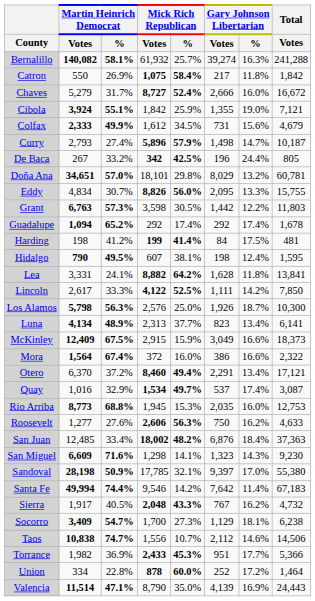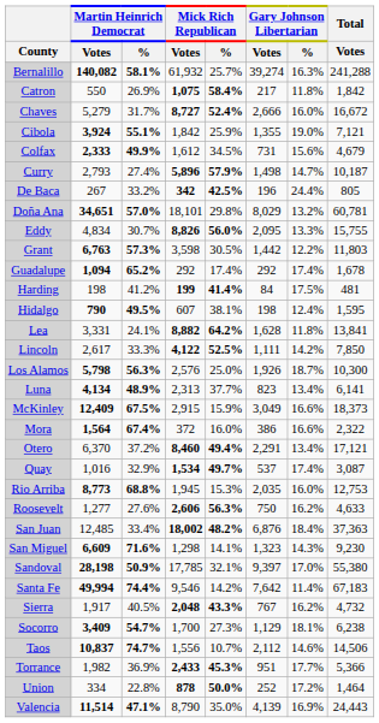 <table class="wikitable sortable" style="text-align:center">
 <tr>
 <th></th>
 <th colspan="2" style="border-top:solid #00f 3px; border-bottom:solid #00f 3px;"><a href='#'>Martin Heinrich</a><br><a href='#'>Democrat</a></th>
 <th colspan="2" style="border-top:solid #f00 3px; border-bottom:solid #f00 3px;"><a href='#'>Mick Rich</a><br><a href='#'>Republican</a></th>
 <th colspan="2" style="border-top:solid #bb0 3px; border-bottom:solid #bb0 3px;"><a href='#'>Gary Johnson</a><br><a href='#'>Libertarian</a></th>
 <th colspan="1" style="text-align:center;">Total</th>
 </tr>
 <tr>
 <th style="text-align:center;">County</th>
 <th style="text-align:center;" data-sort-type="number">Votes</th>
 <th style="text-align:center;" data-sort-type="number">%</th>
 <th style="text-align:center;" data-sort-type="number">Votes</th>
 <th style="text-align:center;" data-sort-type="number">%</th>
 <th style="text-align:center;" data-sort-type="number">Votes</th>
 <th style="text-align:center;" data-sort-type="number">%</th>
 <th style="text-align:center;" data-sort-type="number">Votes</th>
 </tr>
 <tr>
 <td style="background:#d3d3d3;"><a href='#'>Bernalillo</a></td>
 <td><strong>140,082</strong></td>
 <td><strong>58.1%</strong></td>
 <td>61,932</td>
 <td>25.7%</td>
 <td>39,274</td>
 <td>16.3%</td>
 <td>241,288</td>
 </tr>
 <tr>
 <td style="background:#d3d3d3;"'><a href='#'>Catron</a></td>
 <td>550</td>
 <td>26.9%</td>
 <td><strong>1,075</strong></td>
 <td><strong>58.4%</strong></td>
 <td>217</td>
 <td>11.8%</td>
 <td>1,842</td>
 </tr>
 <tr>
 <td style="background:#d3d3d3;'"><a href='#'>Chaves</a></td>
 <td>5,279</td>
 <td>31.7%</td>
 <td><strong>8,727</strong></td>
 <td><strong>52.4%</strong></td>
 <td>2,666</td>
 <td>16.0%</td>
 <td>16,672</td>
 </tr>
 <tr>
 <td style='background:#d3d3d3;'><a href='#'>Cibola</a></td>
 <td><strong>3,924</strong></td>
 <td><strong>55.1%</strong></td>
 <td>1,842</td>
 <td>25.9%</td>
 <td>1,355</td>
 <td>19.0%</td>
 <td>7,121</td>
 </tr>
 <tr>
 <td style='background:#d3d3d3;'><a href='#'>Colfax</a></td>
 <td><strong>2,333</strong></td>
 <td><strong>49.9%</strong></td>
 <td>1,612</td>
 <td>34.5%</td>
 <td>731</td>
 <td>15.6%</td>
 <td>4,679</td>
 </tr>
 <tr>
 <td style='background:#d3d3d3;'><a href='#'>Curry</a></td>
 <td>2,793</td>
 <td>27.4%</td>
 <td><strong>5,896</strong></td>
 <td><strong>57.9%</strong></td>
 <td>1,498</td>
 <td>14.7%</td>
 <td>10,187</td>
 </tr>
 <tr>
 <td style='background:#d3d3d3;'><a href='#'>De Baca</a></td>
 <td>267</td>
 <td>33.2%</td>
 <td><strong>342</strong></td>
 <td><strong>42.5%</strong></td>
 <td>196</td>
 <td>24.4%</td>
 <td>805</td>
 </tr>
 <tr>
 <td style='background:#d3d3d3;'><a href='#'>Doña Ana</a></td>
 <td><strong>34,651</strong></td>
 <td><strong>57.0%</strong></td>
 <td>18,101</td>
 <td>29.8%</td>
 <td>8,029</td>
 <td>13.2%</td>
 <td>60,781</td>
 </tr>
 <tr>
 <td style='background:#d3d3d3;'><a href='#'>Eddy</a></td>
 <td>4,834</td>
 <td>30.7%</td>
 <td><strong>8,826</strong></td>
 <td><strong>56.0%</strong></td>
 <td>2,095</td>
 <td>13.3%</td>
 <td>15,755</td>
 </tr>
 <tr>
 <td style='background:#d3d3d3;'><a href='#'>Grant</a></td>
 <td><strong>6,763</strong></td>
 <td><strong>57.3%</strong></td>
 <td>3,598</td>
 <td>30.5%</td>
 <td>1,442</td>
 <td>12.2%</td>
 <td>11,803</td>
 </tr>
 <tr>
 <td style='background:#d3d3d3;'><a href='#'>Guadalupe</a></td>
 <td><strong>1,094</strong></td>
 <td><strong>65.2%</strong></td>
 <td>292</td>
 <td>17.4%</td>
 <td>292</td>
 <td>17.4%</td>
 <td>1,678</td>
 </tr>
 <tr>
 <td style='background:#d3d3d3;'><a href='#'>Harding</a></td>
 <td>198</td>
 <td>41.2%</td>
 <td><strong>199</strong></td>
 <td><strong>41.4%</strong></td>
 <td>84</td>
 <td>17.5%</td>
 <td>481</td>
 </tr>
 <tr>
 <td style='background:#d3d3d3;'><a href='#'>Hidalgo</a></td>
 <td><strong>790</strong></td>
 <td><strong>49.5%</strong></td>
 <td>607</td>
 <td>38.1%</td>
 <td>198</td>
 <td>12.4%</td>
 <td>1,595</td>
 </tr>
 <tr>
 <td style='background:#d3d3d3;'><a href='#'>Lea</a></td>
 <td>3,331</td>
 <td>24.1%</td>
 <td><strong>8,882</strong></td>
 <td><strong>64.2%</strong></td>
 <td>1,628</td>
 <td>11.8%</td>
 <td>13,841</td>
 </tr>
 <tr>
 <td style='background:#d3d3d3;'><a href='#'>Lincoln</a></td>
 <td>2,617</td>
 <td>33.3%</td>
 <td><strong>4,122</strong></td>
 <td><strong>52.5%</strong></td>
 <td>1,111</td>
 <td>14.2%</td>
 <td>7,850</td>
 </tr>
 <tr>
 <td style='background:#d3d3d3;'><a href='#'>Los Alamos</a></td>
 <td><strong>5,798</strong></td>
 <td><strong>56.3%</strong></td>
 <td>2,576</td>
 <td>25.0%</td>
 <td>1,926</td>
 <td>18.7%</td>
 <td>10,300</td>
 </tr>
 <tr>
 <td style='background:#d3d3d3;'><a href='#'>Luna</a></td>
 <td><strong>4,134</strong></td>
 <td><strong>48.9%</strong></td>
 <td>2,313</td>
 <td>37.7%</td>
 <td>823</td>
 <td>13.4%</td>
 <td>6,141</td>
 </tr>
 <tr>
 <td style='background:#d3d3d3;'><a href='#'>McKinley</a></td>
 <td><strong>12,409</strong></td>
 <td><strong>67.5%</strong></td>
 <td>2,915</td>
 <td>15.9%</td>
 <td>3,049</td>
 <td>16.6%</td>
 <td>18,373</td>
 </tr>
 <tr>
 <td style='background:#d3d3d3;'><a href='#'>Mora</a></td>
 <td><strong>1,564</strong></td>
 <td><strong>67.4%</strong></td>
 <td>372</td>
 <td>16.0%</td>
 <td>386</td>
 <td>16.6%</td>
 <td>2,322</td>
 </tr>
 <tr>
 <td style='background:#d3d3d3;'><a href='#'>Otero</a></td>
 <td>6,370</td>
 <td>37.2%</td>
 <td><strong>8,460</strong></td>
 <td><strong>49.4%</strong></td>
 <td>2,291</td>
 <td>13.4%</td>
 <td>17,121</td>
 </tr>
 <tr>
 <td style='background:#d3d3d3;'><a href='#'>Quay</a></td>
 <td>1,016</td>
 <td>32.9%</td>
 <td><strong>1,534</strong></td>
 <td><strong>49.7%</strong></td>
 <td>537</td>
 <td>17.4%</td>
 <td>3,087</td>
 </tr>
 <tr>
 <td style='background:#d3d3d3;'><a href='#'>Rio Arriba</a></td>
 <td><strong>8,773</strong></td>
 <td><strong>68.8%</strong></td>
 <td>1,945</td>
 <td>15.3%</td>
 <td>2,035</td>
 <td>16.0%</td>
 <td>12,753</td>
 </tr>
 <tr>
 <td style='background:#d3d3d3;'><a href='#'>Roosevelt</a></td>
 <td>1,277</td>
 <td>27.6%</td>
 <td><strong>2,606</strong></td>
 <td><strong>56.3%</strong></td>
 <td>750</td>
 <td>16.2%</td>
 <td>4,633</td>
 </tr>
 <tr>
 <td style='background:#d3d3d3;'><a href='#'>San Juan</a></td>
 <td>12,485</td>
 <td>33.4%</td>
 <td><strong>18,002</strong></td>
 <td><strong>48.2%</strong></td>
 <td>6,876</td>
 <td>18.4%</td>
 <td>37,363</td>
 </tr>
 <tr>
 <td style='background:#d3d3d3;'><a href='#'>San Miguel</a></td>
 <td><strong>6,609</strong></td>
 <td><strong>71.6%</strong></td>
 <td>1,298</td>
 <td>14.1%</td>
 <td>1,323</td>
 <td>14.3%</td>
 <td>9,230</td>
 </tr>
 <tr>
 <td style='background:#d3d3d3;'><a href='#'>Sandoval</a></td>
 <td><strong>28,198</strong></td>
 <td><strong>50.9%</strong></td>
 <td>17,785</td>
 <td>32.1%</td>
 <td>9,397</td>
 <td>17.0%</td>
 <td>55,380</td>
 </tr>
 <tr>
 <td style='background:#d3d3d3;'><a href='#'>Santa Fe</a></td>
 <td><strong>49,994</strong></td>
 <td><strong>74.4%</strong></td>
 <td>9,546</td>
 <td>14.2%</td>
 <td>7,642</td>
 <td>11.4%</td>
 <td>67,183</td>
 </tr>
 <tr>
 <td style='background:#d3d3d3;'><a href='#'>Sierra</a></td>
 <td>1,917</td>
 <td>40.5%</td>
 <td><strong>2,048</strong></td>
 <td><strong>43.3%</strong></td>
 <td>767</td>
 <td>16.2%</td>
 <td>4,732</td>
 </tr>
 <tr>
 <td style='background:#d3d3d3;'><a href='#'>Socorro</a></td>
 <td><strong>3,409</strong></td>
 <td><strong>54.7%</strong></td>
 <td>1,700</td>
 <td>27.3%</td>
 <td>1,129</td>
 <td>18.1%</td>
 <td>6,238</td>
 </tr>
 <tr>
 <td style='background:#d3d3d3;'><a href='#'>Taos</a></td>
-<td><strong>10,838</strong></td>
+<td><strong>10,837</strong></td>
 <td><strong>74.7%</strong></td>
 <td>1,556</td>
 <td>10.7%</td>
 <td>2,112</td>
 <td>14.6%</td>
 <td>14,506</td>
 </tr>
 <tr>
 <td style='background:#d3d3d3;'><a href='#'>Torrance</a></td>
 <td>1,982</td>
 <td>36.9%</td>
 <td><strong>2,433</strong></td>
 <td><strong>45.3%</strong></td>
 <td>951</td>
 <td>17.7%</td>
 <td>5,366</td>
 </tr>
 <tr>
 <td style='background:#d3d3d3;'><a href='#'>Union</a></td>
 <td>334</td>
 <td>22.8%</td>
 <td><strong>878</strong></td>
-<td><strong>60.0%</strong></td>
+<td><strong>50.0%</strong></td>
 <td>252</td>
 <td>17.2%</td>
 <td>1,464</td>
 </tr>
 <tr>
 <td style='background:#d3d3d3;'><a href='#'>Valencia</a></td>
 <td><strong>11,514</strong></td>
 <td><strong>47.1%</strong></td>
 <td>8,790</td>
 <td>35.0%</td>
 <td>4,139</td>
 <td>16.9%</td>
 <td>24,443</td>
 </tr>
 </table>
